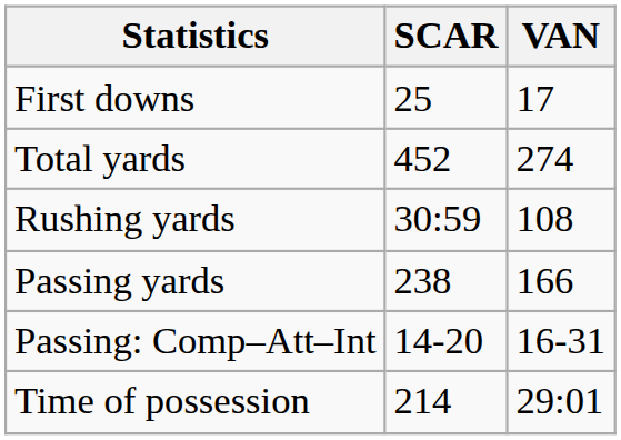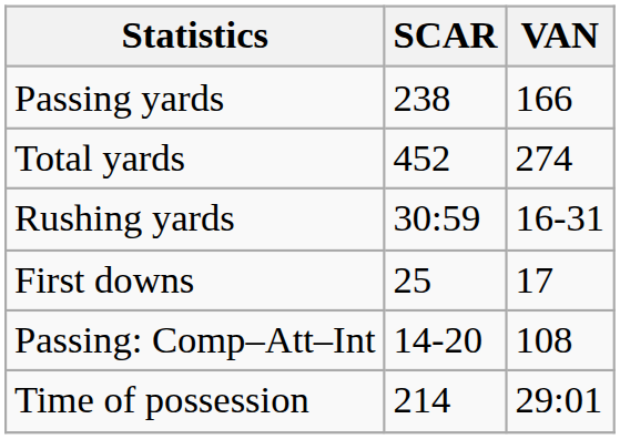 <table class="wikitable" style="float: left;">
 <tr>
 <th>Statistics</th>
 <th>SCAR</th>
 <th>VAN</th>
 </tr>
 <tr>
-<td>First downs</td>
-<td>25</td>
-<td>17</td>
+<td>Passing yards</td>
+<td>238</td>
+<td>166</td>
 </tr>
 <tr>
 <td>Total yards</td>
 <td>452</td>
 <td>274</td>
 </tr>
 <tr>
 <td>Rushing yards</td>
 <td>30:59</td>
-<td>108</td>
+<td>16-31</td>
 </tr>
 <tr>
-<td>Passing yards</td>
-<td>238</td>
-<td>166</td>
+<td>First downs</td>
+<td>25</td>
+<td>17</td>
 </tr>
 <tr>
 <td>Passing: Comp–Att–Int</td>
 <td>14-20</td>
-<td>16-31</td>
+<td>108</td>
 </tr>
 <tr>
 <td>Time of possession</td>
 <td>214</td>
 <td>29:01</td>
 </tr>
 <tr>
 </tr>
 </table>
